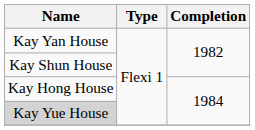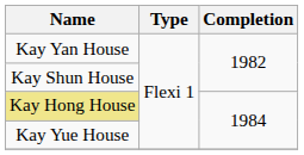 <table class="wikitable" style="text-align: center">
 <tr>
 <th>Name</th>
 <th>Type</th>
 <th>Completion</th>
 </tr>
 <tr>
 <td>Kay Yan House</td>
 <td rowspan="4">Flexi 1</td>
 <td rowspan="2">1982</td>
 </tr>
 <tr>
 <td>Kay Shun House</td>
 </tr>
 <tr>
-<td>Kay Hong House</td>
+<td style="background: khaki;">Kay Hong House</td>
 <td rowspan="2">1984</td>
 </tr>
 <tr>
-<td style="background: lightgrey;">Kay Yue House</td>
+<td>Kay Yue House</td>
 </tr>
 <tr>
 </tr>
 </table>
